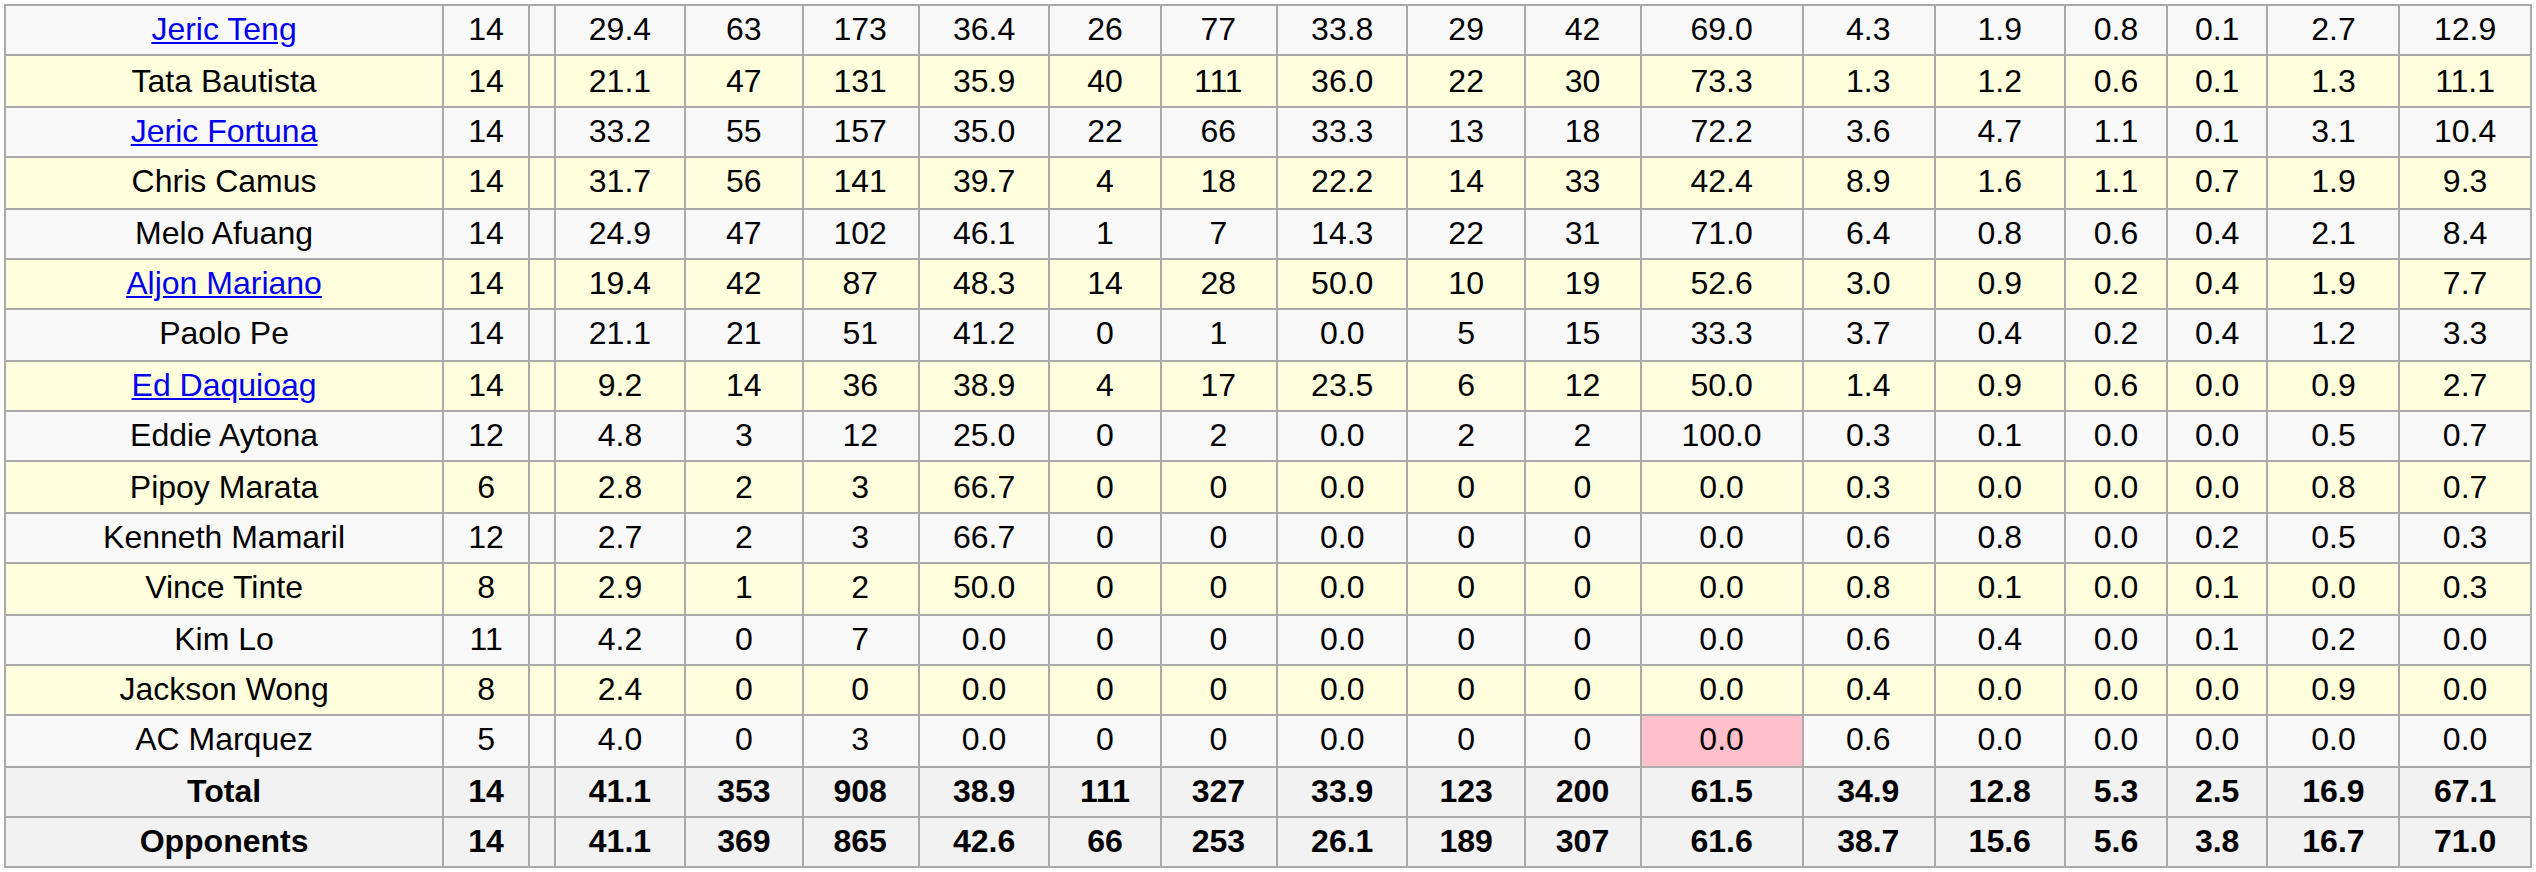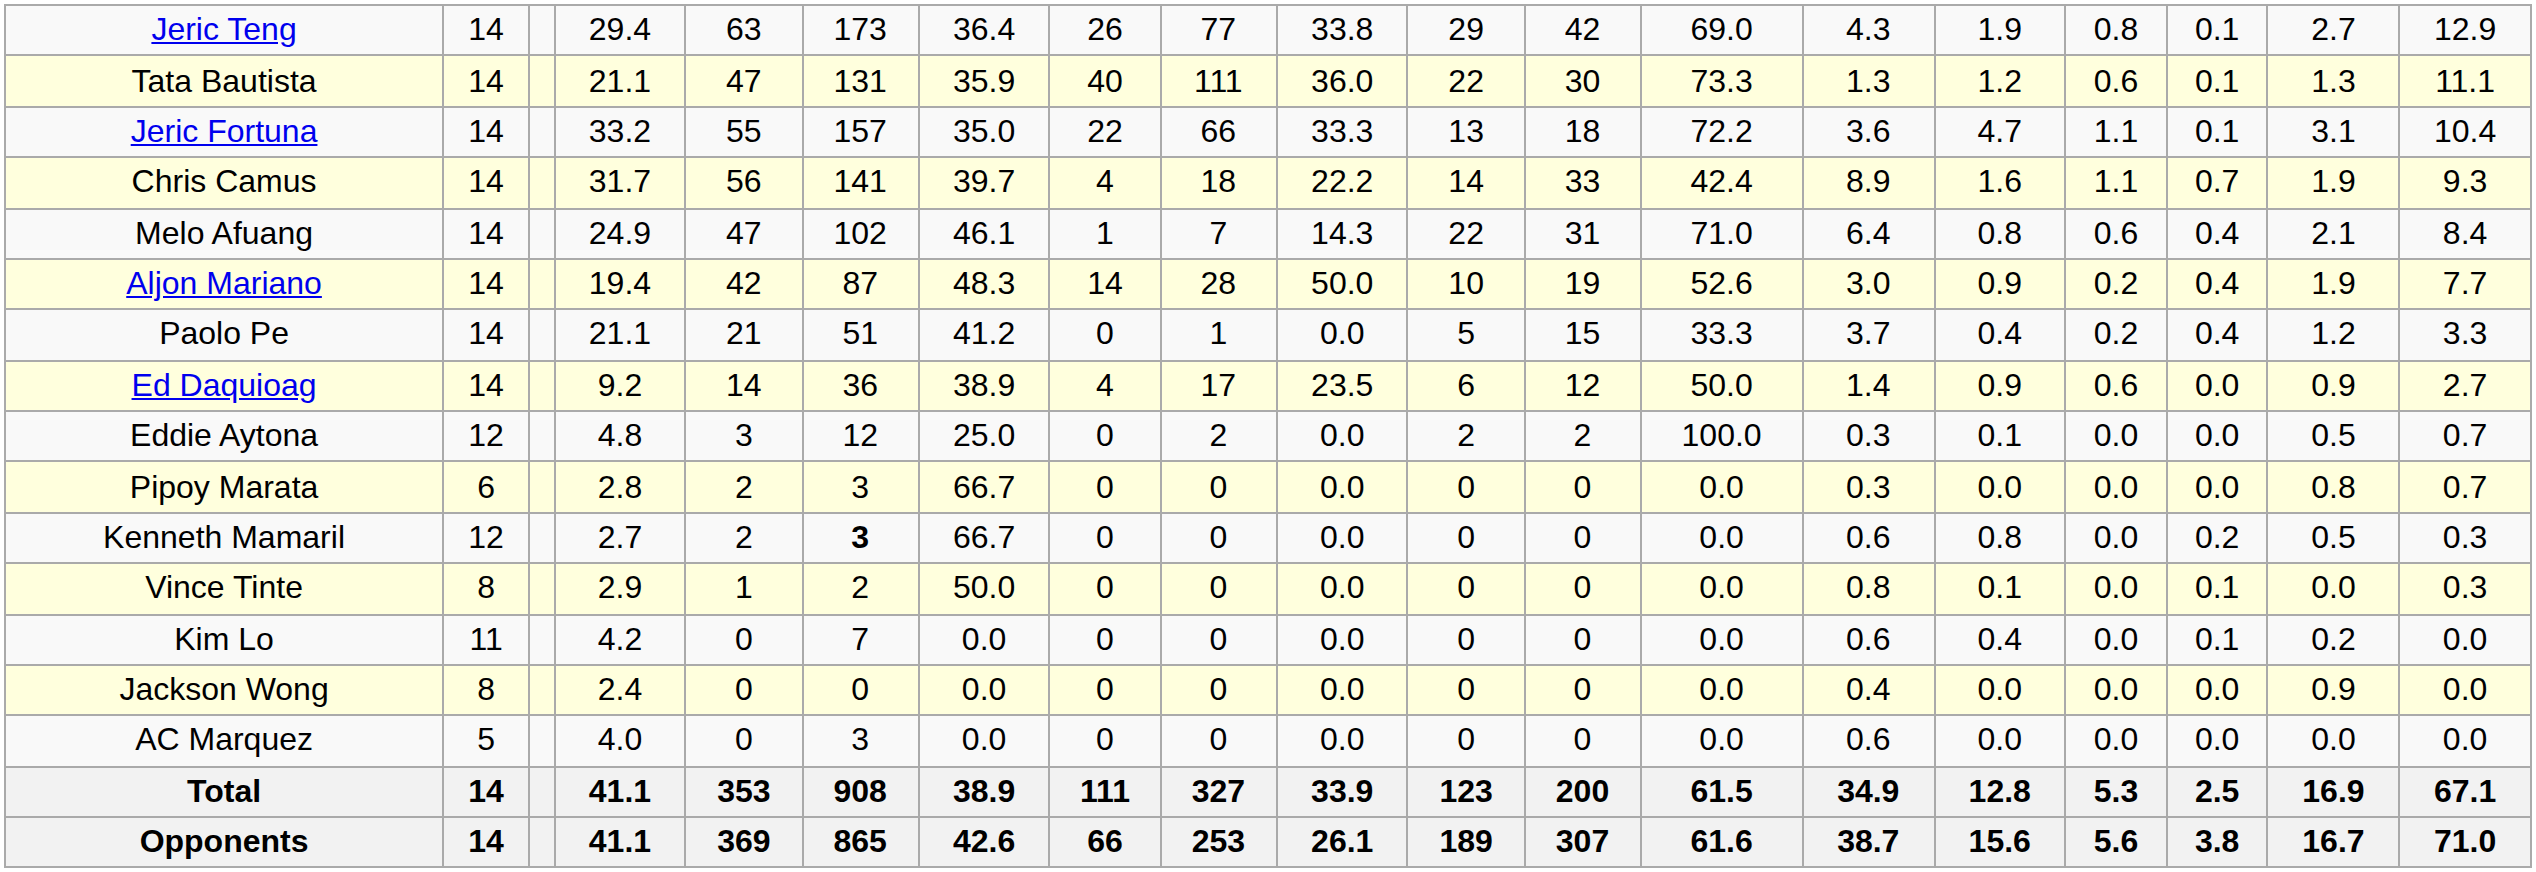 <table class=wikitable width=100%>
 <tr align=center>
 <td><a href='#'>Jeric Teng</a></td>
 <td>14</td>
 <td></td>
 <td>29.4</td>
 <td>63</td>
 <td>173</td>
 <td>36.4</td>
 <td>26</td>
 <td>77</td>
 <td>33.8</td>
 <td>29</td>
 <td>42</td>
 <td>69.0</td>
 <td>4.3</td>
 <td>1.9</td>
 <td>0.8</td>
 <td>0.1</td>
 <td>2.7</td>
 <td style=>12.9</td>
 </tr>
 <tr bgcolor=#ffffdd align=center>
 <td>Tata Bautista</td>
 <td>14</td>
 <td></td>
 <td>21.1</td>
 <td>47</td>
 <td>131</td>
 <td>35.9</td>
 <td>40</td>
 <td>111</td>
 <td>36.0</td>
 <td>22</td>
 <td>30</td>
 <td>73.3</td>
 <td>1.3</td>
 <td>1.2</td>
 <td>0.6</td>
 <td>0.1</td>
 <td>1.3</td>
 <td>11.1</td>
 </tr>
 <tr align=center>
 <td><a href='#'>Jeric Fortuna</a></td>
 <td>14</td>
 <td></td>
 <td style=>33.2</td>
 <td>55</td>
 <td>157</td>
 <td>35.0</td>
 <td>22</td>
 <td>66</td>
 <td>33.3</td>
 <td>13</td>
 <td>18</td>
 <td>72.2</td>
 <td>3.6</td>
 <td style=>4.7</td>
 <td style=>1.1</td>
 <td>0.1</td>
 <td>3.1</td>
 <td>10.4</td>
 </tr>
 <tr bgcolor=#ffffdd  align=center>
 <td>Chris Camus</td>
 <td>14</td>
 <td></td>
 <td>31.7</td>
 <td>56</td>
 <td>141</td>
 <td>39.7</td>
 <td>4</td>
 <td>18</td>
 <td>22.2</td>
 <td>14</td>
 <td>33</td>
 <td>42.4</td>
 <td style=>8.9</td>
 <td>1.6</td>
 <td style=>1.1</td>
 <td style=>0.7</td>
 <td>1.9</td>
 <td>9.3</td>
 </tr>
 <tr align=center>
 <td>Melo Afuang</td>
 <td>14</td>
 <td></td>
 <td>24.9</td>
 <td>47</td>
 <td>102</td>
 <td>46.1</td>
 <td>1</td>
 <td>7</td>
 <td>14.3</td>
 <td>22</td>
 <td>31</td>
 <td>71.0</td>
 <td>6.4</td>
 <td>0.8</td>
 <td>0.6</td>
 <td>0.4</td>
 <td>2.1</td>
 <td>8.4</td>
 </tr>
 <tr bgcolor=#ffffdd align=center>
 <td><a href='#'>Aljon Mariano</a></td>
 <td>14</td>
 <td></td>
 <td>19.4</td>
 <td>42</td>
 <td>87</td>
 <td>48.3</td>
 <td>14</td>
 <td>28</td>
 <td style=>50.0</td>
 <td>10</td>
 <td>19</td>
 <td>52.6</td>
 <td>3.0</td>
 <td>0.9</td>
 <td>0.2</td>
 <td>0.4</td>
 <td>1.9</td>
 <td>7.7</td>
 </tr>
 <tr align=center>
 <td>Paolo Pe</td>
 <td>14</td>
 <td></td>
 <td>21.1</td>
 <td>21</td>
 <td>51</td>
 <td>41.2</td>
 <td>0</td>
 <td>1</td>
 <td>0.0</td>
 <td>5</td>
 <td>15</td>
 <td>33.3</td>
 <td>3.7</td>
 <td>0.4</td>
 <td>0.2</td>
 <td>0.4</td>
 <td>1.2</td>
 <td>3.3</td>
 </tr>
 <tr bgcolor=#ffffdd align=center>
 <td><a href='#'>Ed Daquioag</a></td>
 <td>14</td>
 <td></td>
 <td>9.2</td>
 <td>14</td>
 <td>36</td>
 <td>38.9</td>
 <td>4</td>
 <td>17</td>
 <td>23.5</td>
 <td>6</td>
 <td>12</td>
 <td>50.0</td>
 <td>1.4</td>
 <td>0.9</td>
 <td>0.6</td>
 <td>0.0</td>
 <td>0.9</td>
 <td>2.7</td>
 </tr>
 <tr align=center>
 <td>Eddie Aytona</td>
 <td>12</td>
 <td></td>
 <td>4.8</td>
 <td>3</td>
 <td>12</td>
 <td>25.0</td>
 <td>0</td>
 <td>2</td>
 <td>0.0</td>
 <td>2</td>
 <td>2</td>
 <td style=>100.0</td>
 <td>0.3</td>
 <td>0.1</td>
 <td>0.0</td>
 <td>0.0</td>
 <td>0.5</td>
 <td>0.7</td>
 </tr>
 <tr bgcolor=#ffffdd align=center>
 <td>Pipoy Marata</td>
 <td>6</td>
 <td></td>
 <td>2.8</td>
 <td>2</td>
 <td>3</td>
 <td style=>66.7</td>
 <td>0</td>
 <td>0</td>
 <td>0.0</td>
 <td>0</td>
 <td>0</td>
 <td>0.0</td>
 <td>0.3</td>
 <td>0.0</td>
 <td>0.0</td>
 <td>0.0</td>
 <td>0.8</td>
 <td>0.7</td>
 </tr>
 <tr align=center>
 <td>Kenneth Mamaril</td>
 <td>12</td>
 <td></td>
 <td>2.7</td>
 <td>2</td>
-<td>3</td>
+<td><strong>3</strong></td>
 <td style=>66.7</td>
 <td>0</td>
 <td>0</td>
 <td>0.0</td>
 <td>0</td>
 <td>0</td>
 <td>0.0</td>
 <td>0.6</td>
 <td>0.8</td>
 <td>0.0</td>
 <td>0.2</td>
 <td>0.5</td>
 <td>0.3</td>
 </tr>
 <tr bgcolor=#ffffdd align=center>
 <td>Vince Tinte</td>
 <td>8</td>
 <td></td>
 <td>2.9</td>
 <td>1</td>
 <td>2</td>
 <td>50.0</td>
 <td>0</td>
 <td>0</td>
 <td>0.0</td>
 <td>0</td>
 <td>0</td>
 <td>0.0</td>
 <td>0.8</td>
 <td>0.1</td>
 <td>0.0</td>
 <td>0.1</td>
 <td>0.0</td>
 <td>0.3</td>
 </tr>
 <tr align=center>
 <td>Kim Lo</td>
 <td>11</td>
 <td></td>
 <td>4.2</td>
 <td>0</td>
 <td>7</td>
 <td>0.0</td>
 <td>0</td>
 <td>0</td>
 <td>0.0</td>
 <td>0</td>
 <td>0</td>
 <td>0.0</td>
 <td>0.6</td>
 <td>0.4</td>
 <td>0.0</td>
 <td>0.1</td>
 <td>0.2</td>
 <td>0.0</td>
 </tr>
 <tr bgcolor=#ffffdd align=center>
 <td>Jackson Wong</td>
 <td>8</td>
 <td></td>
 <td>2.4</td>
 <td>0</td>
 <td>0</td>
 <td>0.0</td>
 <td>0</td>
 <td>0</td>
 <td>0.0</td>
 <td>0</td>
 <td>0</td>
 <td>0.0</td>
 <td>0.4</td>
 <td>0.0</td>
 <td>0.0</td>
 <td>0.0</td>
 <td>0.9</td>
 <td>0.0</td>
 </tr>
 <tr align=center>
 <td>AC Marquez</td>
 <td>5</td>
 <td></td>
 <td>4.0</td>
 <td>0</td>
 <td>3</td>
 <td>0.0</td>
 <td>0</td>
 <td>0</td>
 <td>0.0</td>
 <td>0</td>
 <td>0</td>
-<td style="background: pink;">0.0</td>
+<td>0.0</td>
 <td>0.6</td>
 <td>0.0</td>
 <td>0.0</td>
 <td>0.0</td>
 <td>0.0</td>
 <td>0.0</td>
 </tr>
 <tr class=sortbottom>
 <th>Total</th>
 <th>14</th>
 <th></th>
 <th>41.1</th>
 <th>353</th>
 <th>908</th>
 <th>38.9</th>
 <th>111</th>
 <th>327</th>
 <th>33.9</th>
 <th>123</th>
 <th>200</th>
 <th>61.5</th>
 <th>34.9</th>
 <th>12.8</th>
 <th>5.3</th>
 <th>2.5</th>
 <th>16.9</th>
 <th>67.1</th>
 </tr>
 <tr class=sortbottom>
 <th>Opponents</th>
 <th>14</th>
 <th></th>
 <th>41.1</th>
 <th>369</th>
 <th>865</th>
 <th>42.6</th>
 <th>66</th>
 <th>253</th>
 <th>26.1</th>
 <th>189</th>
 <th>307</th>
 <th>61.6</th>
 <th>38.7</th>
 <th>15.6</th>
 <th>5.6</th>
 <th>3.8</th>
 <th>16.7</th>
 <th>71.0</th>
 </tr>
 </table>
